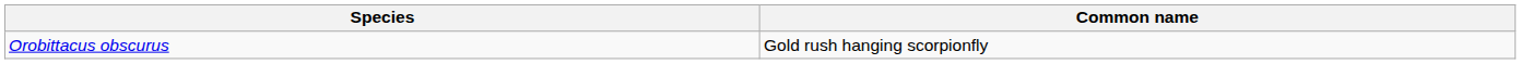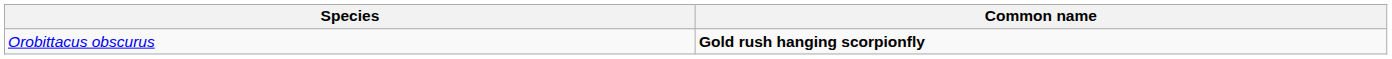 <table width=90% class="wikitable">
 <tr>
 <th width=25%>Species</th>
 <th width=25%>Common name</th>
 </tr>
 <tr>
 <td><em><a href='#'>Orobittacus obscurus</a></em></td>
-<td>Gold rush hanging scorpionfly</td>
+<td><strong>Gold rush hanging scorpionfly</strong></td>
 </tr>
 </table>
